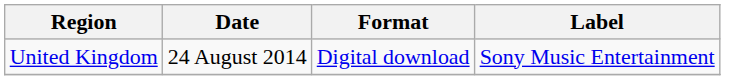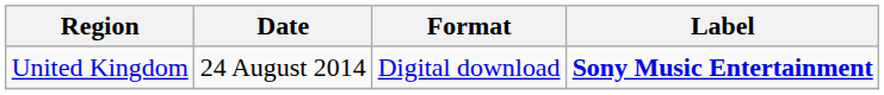 <table class=wikitable>
 <tr>
 <th>Region</th>
 <th>Date</th>
 <th>Format</th>
 <th>Label</th>
 </tr>
 <tr>
 <td><a href='#'>United Kingdom</a></td>
 <td>24 August 2014</td>
 <td><a href='#'>Digital download</a></td>
-<td><a href='#'>Sony Music Entertainment</a></td>
+<td><strong><a href='#'>Sony Music Entertainment</a></strong></td>
 </tr>
 <tr>
 </tr>
 </table>
